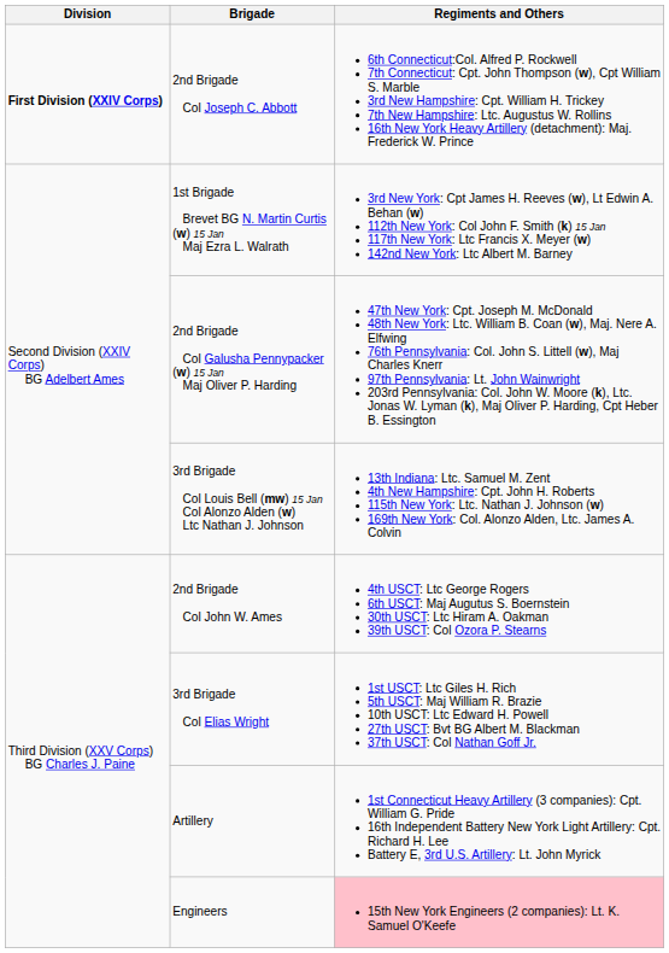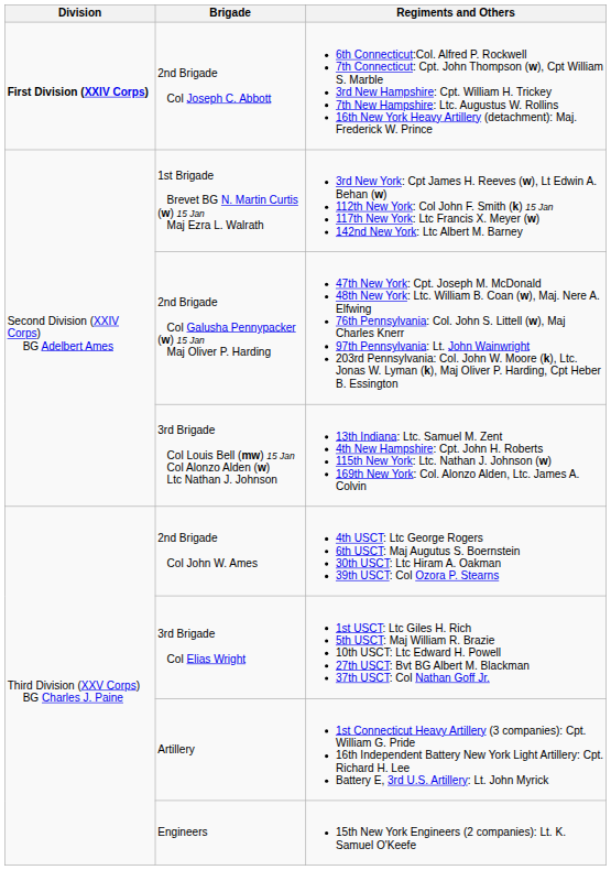 <table class="wikitable">
 <tr>
 <th width=25%>Division</th>
 <th width=25%>Brigade</th>
 <th>Regiments and Others</th>
 </tr>
 <tr>
 <td rowspan=1><strong><br>First Division (<a href='#'>XXIV Corps</a>)</strong></td>
 <td>2nd Brigade<br><br>   Col <a href='#'>Joseph C. Abbott</a></td>
 <td><br><ul><li><a href='#'>6th Connecticut</a>:Col. Alfred P. Rockwell</li><li><a href='#'>7th Connecticut</a>: Cpt. John Thompson (<strong>w</strong>), Cpt William S. Marble</li><li><a href='#'>3rd New Hampshire</a>: Cpt. William H. Trickey</li><li><a href='#'>7th New Hampshire</a>: Ltc. Augustus W. Rollins</li><li><a href='#'>16th New York Heavy Artillery</a> (detachment): Maj. Frederick W. Prince</li></ul></td>
 </tr>
 <tr>
 <td rowspan="3"><br>Second Division (<a href='#'>XXIV Corps</a>) <br>     BG <a href='#'>Adelbert Ames</a></td>
 <td>1st Brigade<br><br>   Brevet BG <a href='#'>N. Martin Curtis</a> (<strong>w</strong>) <small><em>15 Jan</em></small><br>   Maj Ezra L. Walrath</td>
 <td><br><ul><li><a href='#'>3rd New York</a>: Cpt James H. Reeves (<strong>w</strong>), Lt Edwin A. Behan (<strong>w</strong>)</li><li><a href='#'>112th New York</a>: Col John F. Smith (<strong>k</strong>) <small><em>15 Jan</em></small></li><li><a href='#'>117th New York</a>: Ltc Francis X. Meyer (<strong>w</strong>)</li><li><a href='#'>142nd New York</a>: Ltc Albert M. Barney</li></ul></td>
 </tr>
 <tr>
 <td>2nd Brigade<br><br>   Col <a href='#'>Galusha Pennypacker</a> (<strong>w</strong>) <small><em>15 Jan</em></small><br>   Maj Oliver P. Harding</td>
 <td><br><ul><li><a href='#'>47th New York</a>: Cpt. Joseph M. McDonald</li><li><a href='#'>48th New York</a>: Ltc. William B. Coan (<strong>w</strong>), Maj. Nere A. Elfwing</li><li><a href='#'>76th Pennsylvania</a>: Col. John S. Littell (<strong>w</strong>), Maj Charles Knerr</li><li><a href='#'>97th Pennsylvania</a>: Lt. <a href='#'>John Wainwright</a></li><li>203rd Pennsylvania: Col. John W. Moore (<strong>k</strong>), Ltc. Jonas W. Lyman (<strong>k</strong>),  Maj Oliver P. Harding, Cpt Heber B. Essington</li></ul></td>
 </tr>
 <tr>
 <td>3rd Brigade<br><br>   Col Louis Bell (<strong>mw</strong>) <small><em>15 Jan</em></small><br>   Col Alonzo Alden (<strong>w</strong>)<br>   Ltc Nathan J. Johnson</td>
 <td><br><ul><li><a href='#'>13th Indiana</a>: Ltc. Samuel M. Zent</li><li><a href='#'>4th New Hampshire</a>: Cpt. John H. Roberts</li><li><a href='#'>115th New York</a>: Ltc. Nathan J. Johnson (<strong>w</strong>)</li><li><a href='#'>169th New York</a>: Col. Alonzo Alden, Ltc. James A. Colvin</li></ul></td>
 </tr>
 <tr>
 <td rowspan="4"><br>Third Division (<a href='#'>XXV Corps</a>) <br>     BG <a href='#'>Charles J. Paine</a></td>
 <td>2nd Brigade<br><br>   Col John W. Ames</td>
 <td><br><ul><li><a href='#'>4th USCT</a>: Ltc George Rogers</li><li><a href='#'>6th USCT</a>: Maj Augutus S. Boernstein</li><li><a href='#'>30th USCT</a>: Ltc Hiram A. Oakman</li><li><a href='#'>39th USCT</a>: Col <a href='#'>Ozora P. Stearns</a></li></ul></td>
 </tr>
 <tr>
 <td>3rd Brigade<br><br>   Col <a href='#'>Elias Wright</a></td>
 <td><br><ul><li><a href='#'>1st USCT</a>: Ltc Giles H. Rich</li><li><a href='#'>5th USCT</a>: Maj William R. Brazie</li><li>10th USCT: Ltc Edward H. Powell</li><li><a href='#'>27th USCT</a>: Bvt BG Albert M. Blackman</li><li><a href='#'>37th USCT</a>: Col <a href='#'>Nathan Goff Jr.</a></li></ul></td>
 </tr>
 <tr>
 <td>Artillery</td>
 <td><br><ul><li><a href='#'>1st Connecticut Heavy Artillery</a> (3 companies): Cpt. William G. Pride</li><li>16th Independent Battery New York Light Artillery: Cpt. Richard H. Lee</li><li>Battery E, <a href='#'>3rd U.S. Artillery</a>: Lt. John Myrick</li></ul></td>
 </tr>
 <tr>
 <td>Engineers</td>
-<td style="background: pink;"><br><ul><li>15th New York Engineers (2 companies): Lt. K. Samuel O'Keefe</li></ul></td>
+<td><br><ul><li>15th New York Engineers (2 companies): Lt. K. Samuel O'Keefe</li></ul></td>
 </tr>
 </table>
